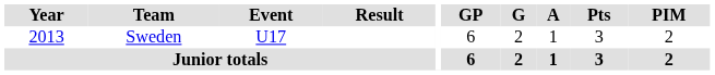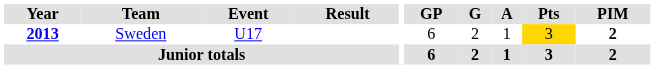 <table border="0" cellpadding="1" cellspacing="0" ID="Table3" style="text-align:center; width:40em;">
 <tr bgcolor="#e0e0e0">
 <th>Year</th>
 <th>Team</th>
 <th>Event</th>
 <th>Result</th>
 <th rowspan="99" bgcolor="#ffffff"></th>
 <th>GP</th>
 <th>G</th>
 <th>A</th>
 <th>Pts</th>
 <th>PIM</th>
 </tr>
 <tr>
-<td><a href='#'>2013</a></td>
+<td><strong><a href='#'>2013</a></strong></td>
 <td><a href='#'>Sweden</a></td>
 <td><a href='#'>U17</a></td>
 <td></td>
 <td>6</td>
 <td>2</td>
 <td>1</td>
-<td>3</td>
-<td>2</td>
+<td style="background: gold;">3</td>
+<td><strong>2</strong></td>
 </tr>
 <tr bgcolor="#e0e0e0">
 <th colspan="4">Junior totals</th>
 <th>6</th>
 <th>2</th>
 <th>1</th>
 <th>3</th>
 <th>2</th>
 </tr>
 </table>
